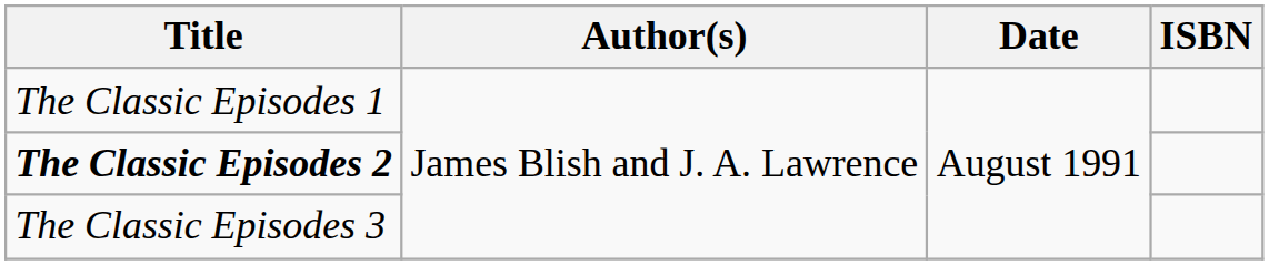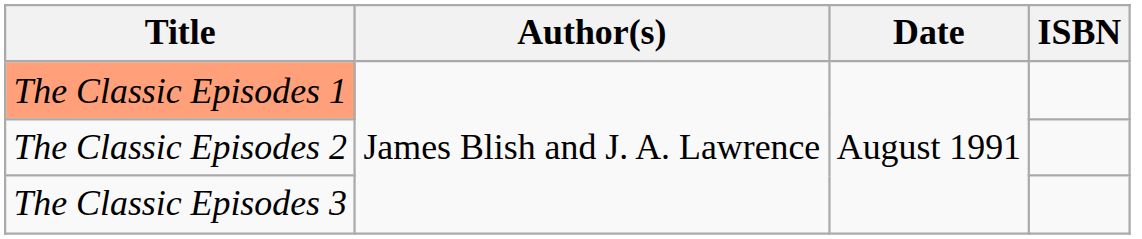 <table class="wikitable">
 <tr>
 <th>Title</th>
 <th>Author(s)</th>
 <th>Date</th>
 <th>ISBN</th>
 </tr>
 <tr>
-<td><em>The Classic Episodes 1</em></td>
+<td style="background: lightsalmon;"><em>The Classic Episodes 1</em></td>
 <td rowspan="3">James Blish and J. A. Lawrence</td>
 <td rowspan="3">August 1991</td>
 <td></td>
 </tr>
 <tr>
-<td><strong><em>The Classic Episodes 2</em></strong></td>
+<td><em>The Classic Episodes 2</em></td>
 <td></td>
 </tr>
 <tr>
 <td><em>The Classic Episodes 3</em></td>
 <td></td>
 </tr>
 </table>
